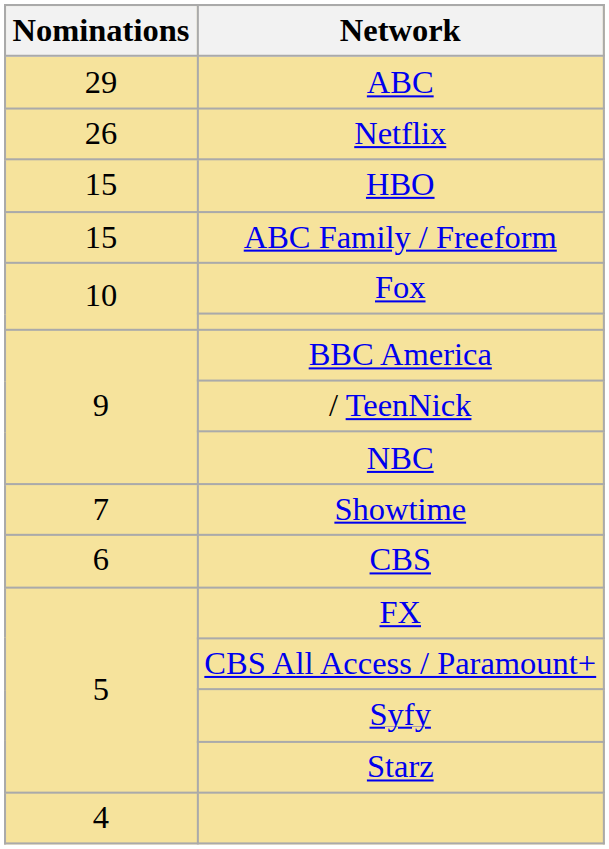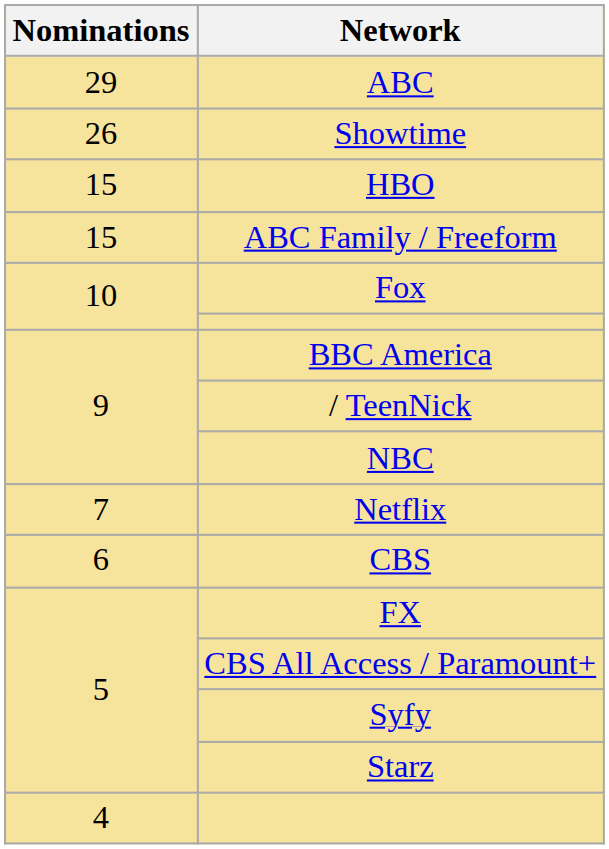 <table class="wikitable" rowspan=2 style="text-align: center; background: #f6e39c">
 <tr>
 <th scope="col" width="55" align="center">Nominations</th>
 <th scope="col" align="center">Network</th>
 </tr>
 <tr>
 <td>29</td>
 <td><a href='#'>ABC</a></td>
 </tr>
 <tr>
 <td>26</td>
-<td><a href='#'>Netflix</a></td>
+<td><a href='#'>Showtime</a></td>
 </tr>
 <tr>
 <td>15</td>
 <td><a href='#'>HBO</a></td>
 </tr>
 <tr>
 <td>15</td>
 <td><a href='#'>ABC Family / Freeform</a></td>
 </tr>
 <tr>
 <td rowspan=2>10</td>
 <td><a href='#'>Fox</a></td>
 </tr>
 <tr>
 <td></td>
 </tr>
 <tr>
 <td rowspan=3>9</td>
 <td><a href='#'>BBC America</a></td>
 </tr>
 <tr>
 <td> / <a href='#'>TeenNick</a></td>
 </tr>
 <tr>
 <td><a href='#'>NBC</a></td>
 </tr>
 <tr>
 <td>7</td>
-<td><a href='#'>Showtime</a></td>
+<td><a href='#'>Netflix</a></td>
 </tr>
 <tr>
 <td>6</td>
 <td><a href='#'>CBS</a></td>
 </tr>
 <tr>
 <td rowspan=4>5</td>
 <td><a href='#'>FX</a></td>
 </tr>
 <tr>
 <td><a href='#'>CBS All Access / Paramount+</a></td>
 </tr>
 <tr>
 <td><a href='#'>Syfy</a></td>
 </tr>
 <tr>
 <td><a href='#'>Starz</a></td>
 </tr>
 <tr>
 <td>4</td>
 <td></td>
 </tr>
 </table>
